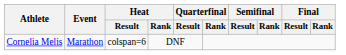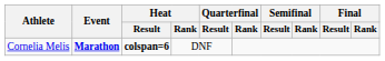 <table class="wikitable" style="font-size:90%">
 <tr>
 <th rowspan="2">Athlete</th>
 <th rowspan="2">Event</th>
 <th colspan="2">Heat</th>
 <th colspan="2">Quarterfinal</th>
 <th colspan="2">Semifinal</th>
 <th colspan="2">Final</th>
 </tr>
 <tr style="font-size:95%">
 <th>Result</th>
 <th>Rank</th>
 <th>Result</th>
 <th>Rank</th>
 <th>Result</th>
 <th>Rank</th>
 <th>Result</th>
 <th>Rank</th>
 </tr>
 <tr align=center>
 <td align=left><a href='#'>Cornelia Melis</a></td>
-<td align=left><a href='#'>Marathon</a></td>
-<td>colspan=6 </td>
+<td align=left><strong><a href='#'>Marathon</a></strong></td>
+<td><strong>colspan=6 </strong></td>
 <td colspan=2>DNF</td>
 </tr>
 </table>
